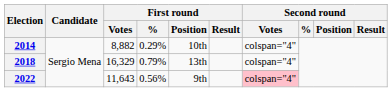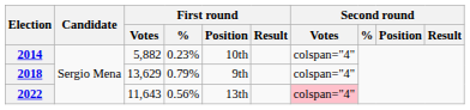 <table class=wikitable style="text-align: right;">
 <tr>
 <th rowspan=2>Election</th>
 <th rowspan=2>Candidate</th>
 <th colspan=4>First round</th>
 <th colspan=4>Second round</th>
 </tr>
 <tr>
 <th>Votes</th>
 <th>%</th>
 <th>Position</th>
 <th>Result</th>
 <th>Votes</th>
 <th>%</th>
 <th>Position</th>
 <th>Result</th>
 </tr>
 <tr>
 <th><a href='#'>2014</a></th>
 <td rowspan="3">Sergio Mena</td>
-<td>8,882</td>
-<td>0.29%</td>
+<td>5,882</td>
+<td>0.23%</td>
 <td>10th</td>
 <td></td>
 <td>colspan="4" </td>
 </tr>
 <tr>
 <th><a href='#'>2018</a></th>
-<td>16,329</td>
+<td>13,629</td>
 <td>0.79%</td>
-<td> 13th</td>
+<td> 9th</td>
 <td></td>
 <td>colspan="4" </td>
 </tr>
 <tr>
 <th><a href='#'>2022</a></th>
 <td>11,643</td>
 <td>0.56%</td>
-<td> 9th</td>
+<td> 13th</td>
 <td></td>
 <td style="background: pink;">colspan="4" </td>
 </tr>
 </table>
